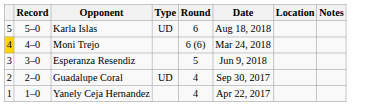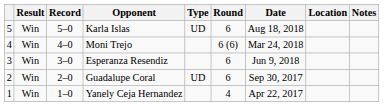 <table class="wikitable" style="text-align:center">
 <tr>
 <th></th>
+<th>Result</th>
 <th>Record</th>
 <th>Opponent</th>
 <th>Type</th>
 <th>Round</th>
 <th>Date</th>
 <th>Location</th>
 <th>Notes</th>
 </tr>
 <tr>
 <td>5</td>
+<td>Win</td>
 <td>5–0</td>
 <td style="text-align:left;">Karla Islas</td>
 <td>UD</td>
 <td>6</td>
 <td>Aug 18, 2018</td>
 <td style="text-align:left;"></td>
 <td></td>
 </tr>
 <tr>
-<td style="background: gold;">4</td>
+<td>4</td>
+<td>Win</td>
 <td>4–0</td>
 <td style="text-align:left;">Moni Trejo</td>
 <td></td>
 <td>6 (6)</td>
 <td>Mar 24, 2018</td>
 <td style="text-align:left;"></td>
 <td></td>
 </tr>
 <tr>
 <td>3</td>
+<td>Win</td>
 <td>3–0</td>
 <td style="text-align:left;">Esperanza Resendiz</td>
 <td></td>
-<td>5</td>
+<td>6</td>
 <td>Jun 9, 2018</td>
 <td style="text-align:left;"></td>
 <td></td>
 </tr>
 <tr>
 <td>2</td>
+<td>Win</td>
 <td>2–0</td>
 <td style="text-align:left;">Guadalupe Coral</td>
 <td>UD</td>
-<td>4</td>
+<td>6</td>
 <td>Sep 30, 2017</td>
 <td style="text-align:left;"></td>
 <td></td>
 </tr>
 <tr>
 <td>1</td>
+<td>Win</td>
 <td>1–0</td>
 <td style="text-align:left;">Yanely Ceja Hernandez</td>
 <td></td>
 <td>4</td>
 <td>Apr 22, 2017</td>
 <td style="text-align:left;"></td>
 <td></td>
 </tr>
 </table>
